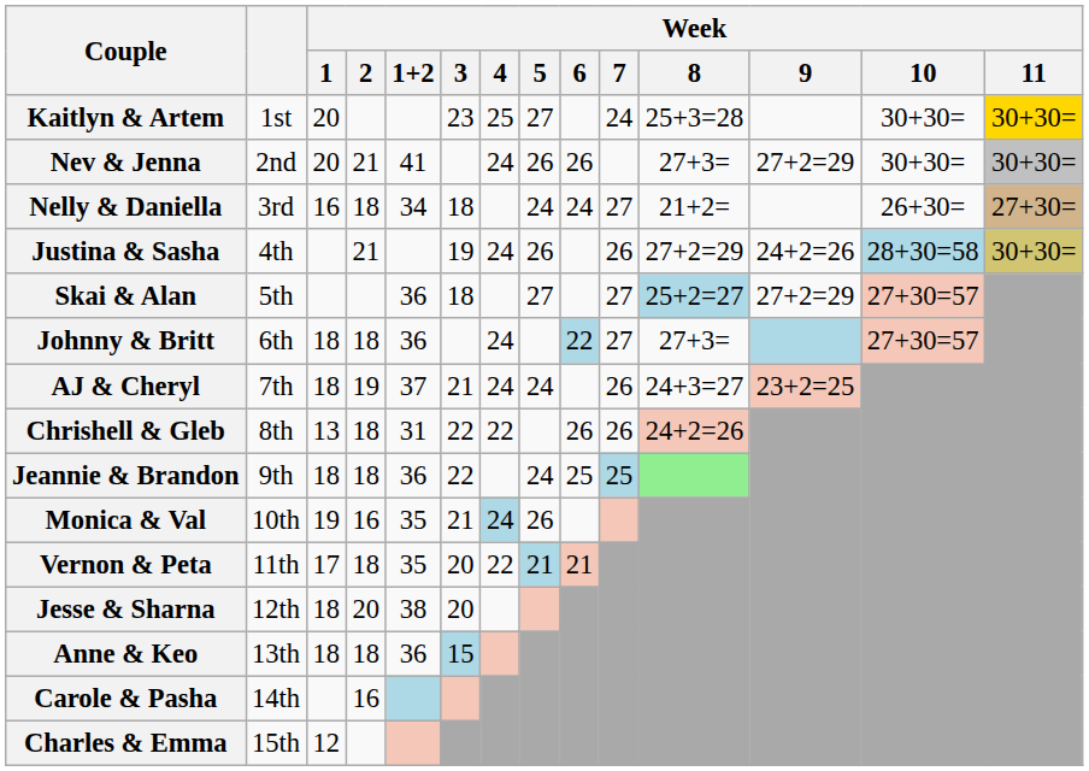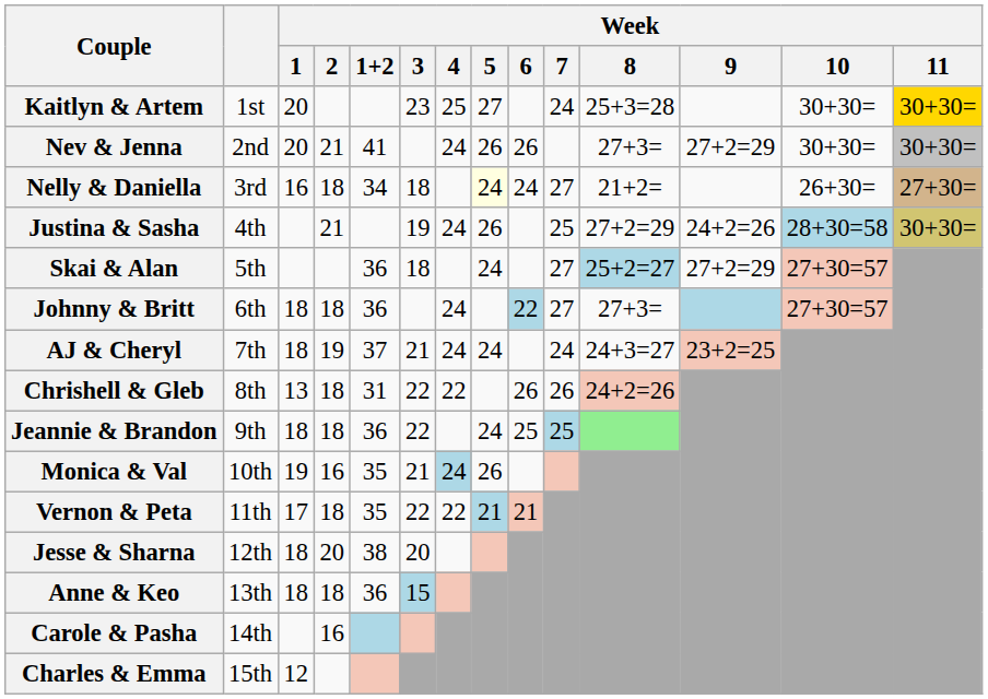 <table class="wikitable sortable" style="text-align:center; font-size:95%">
 <tr>
 <th scope="col" rowspan="2" style="text-align:center;">Couple</th>
 <th scope="col" rowspan="2" style="text-align:center;"></th>
 <th colspan="12" style="text-align:center;">Week</th>
 </tr>
 <tr>
 <th scope="col">1</th>
 <th scope="col">2</th>
 <th scope="col">1+2</th>
 <th scope="col">3</th>
 <th scope="col">4</th>
 <th scope="col">5</th>
 <th scope="col">6</th>
 <th scope="col">7</th>
 <th scope="col">8</th>
 <th scope="col">9</th>
 <th scope="col">10</th>
 <th scope="col">11</th>
 </tr>
 <tr>
 <th scope="row">Kaitlyn & Artem</th>
 <td>1st</td>
 <td>20</td>
 <td></td>
 <td></td>
 <td>23</td>
 <td>25</td>
 <td>27</td>
 <td></td>
 <td>24</td>
 <td>25+3=28</td>
 <td></td>
 <td>30+30=</td>
 <td bgcolor=gold >30+30=</td>
 </tr>
 <tr>
 <th scope="row">Nev & Jenna</th>
 <td>2nd</td>
 <td>20</td>
 <td>21</td>
 <td>41</td>
 <td></td>
 <td>24</td>
 <td>26</td>
 <td>26</td>
 <td></td>
 <td>27+3=</td>
 <td>27+2=29</td>
 <td>30+30=</td>
 <td bgcolor=silver >30+30=</td>
 </tr>
 <tr>
 <th scope="row">Nelly & Daniella</th>
 <td>3rd</td>
 <td>16</td>
 <td>18</td>
 <td>34</td>
 <td>18</td>
 <td></td>
-<td>24</td>
+<td style="background: lightyellow;">24</td>
 <td>24</td>
 <td>27</td>
 <td>21+2=</td>
 <td></td>
 <td>26+30=</td>
 <td bgcolor=tan >27+30=</td>
 </tr>
 <tr>
 <th scope="row">Justina & Sasha</th>
 <td>4th</td>
 <td></td>
 <td>21</td>
 <td></td>
 <td>19</td>
 <td>24</td>
 <td>26</td>
 <td></td>
-<td>26</td>
+<td>25</td>
 <td>27+2=29</td>
 <td>24+2=26</td>
 <td bgcolor=lightblue >28+30=58</td>
 <td bgcolor=d1c571 >30+30=</td>
 </tr>
 <tr>
 <th scope="row">Skai & Alan</th>
 <td>5th</td>
 <td></td>
 <td></td>
 <td>36</td>
 <td>18</td>
 <td></td>
-<td>27</td>
+<td>24</td>
 <td></td>
 <td>27</td>
 <td bgcolor=lightblue >25+2=27</td>
 <td>27+2=29</td>
 <td bgcolor=f4c7b8 >27+30=57</td>
 <td colspan="1" rowspan="11" bgcolor="darkgrey"></td>
 </tr>
 <tr>
 <th scope="row">Johnny & Britt</th>
 <td>6th</td>
 <td>18</td>
 <td>18</td>
 <td>36</td>
 <td></td>
 <td>24</td>
 <td></td>
 <td bgcolor=lightblue>22</td>
 <td>27</td>
 <td>27+3=</td>
 <td bgcolor=lightblue ></td>
 <td bgcolor=f4c7b8 >27+30=57</td>
 </tr>
 <tr>
 <th scope="row">AJ & Cheryl</th>
 <td>7th</td>
 <td>18</td>
 <td>19</td>
 <td>37</td>
 <td>21</td>
 <td>24</td>
 <td>24</td>
 <td></td>
-<td>26</td>
+<td>24</td>
 <td>24+3=27</td>
 <td bgcolor=f4c7b8 >23+2=25</td>
 <td rowspan="9" bgcolor="darkgrey"></td>
 </tr>
 <tr>
 <th scope="row">Chrishell & Gleb</th>
 <td>8th</td>
 <td>13</td>
 <td>18</td>
 <td>31</td>
 <td>22</td>
 <td>22</td>
 <td></td>
 <td>26</td>
 <td>26</td>
 <td bgcolor=f4c7b8 >24+2=26</td>
 <td rowspan="8" bgcolor="darkgrey"></td>
 </tr>
 <tr>
 <th scope="row">Jeannie & Brandon</th>
 <td>9th</td>
 <td>18</td>
 <td>18</td>
 <td>36</td>
 <td>22</td>
 <td></td>
 <td>24</td>
 <td>25</td>
 <td bgcolor=lightblue>25</td>
 <td bgcolor=lightgreen ></td>
 </tr>
 <tr>
 <th scope="row">Monica & Val</th>
 <td>10th</td>
 <td>19</td>
 <td>16</td>
 <td>35</td>
 <td>21</td>
 <td bgcolor=lightblue>24</td>
 <td>26</td>
 <td></td>
 <td bgcolor=f4c7b8></td>
 <td rowspan="6" bgcolor="darkgrey"></td>
 </tr>
 <tr>
 <th scope="row">Vernon & Peta</th>
 <td>11th</td>
 <td>17</td>
 <td>18</td>
 <td>35</td>
-<td>20</td>
+<td>22</td>
 <td>22</td>
 <td bgcolor=lightblue>21</td>
 <td bgcolor=f4c7b8>21</td>
 <td rowspan="5" bgcolor="darkgrey"></td>
 </tr>
 <tr>
 <th scope="row">Jesse & Sharna</th>
 <td>12th</td>
 <td>18</td>
 <td>20</td>
 <td>38</td>
 <td>20</td>
 <td></td>
 <td bgcolor=f4c7b8></td>
 <td rowspan="4" bgcolor="darkgrey"></td>
 </tr>
 <tr>
 <th scope="row">Anne & Keo</th>
 <td>13th</td>
 <td>18</td>
 <td>18</td>
 <td>36</td>
 <td bgcolor=lightblue>15</td>
 <td bgcolor=f4c7b8></td>
 <td rowspan="3" bgcolor="darkgrey"></td>
 </tr>
 <tr>
 <th scope="row">Carole & Pasha</th>
 <td>14th</td>
 <td></td>
 <td>16</td>
 <td bgcolor=lightblue></td>
 <td bgcolor=f4c7b8></td>
 <td rowspan="2" bgcolor="darkgrey"></td>
 </tr>
 <tr>
 <th scope="row">Charles & Emma</th>
 <td>15th</td>
 <td>12</td>
 <td></td>
 <td bgcolor=f4c7b8></td>
 <td bgcolor="darkgrey"></td>
 </tr>
 </table>
